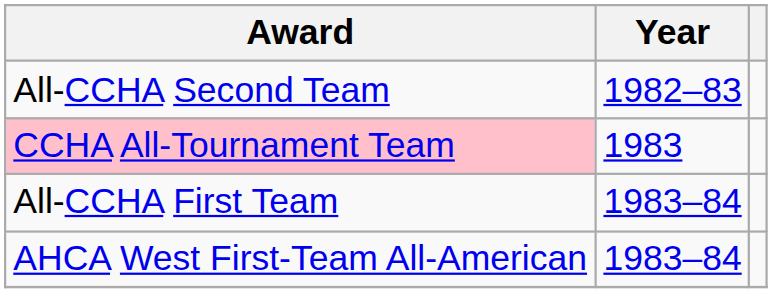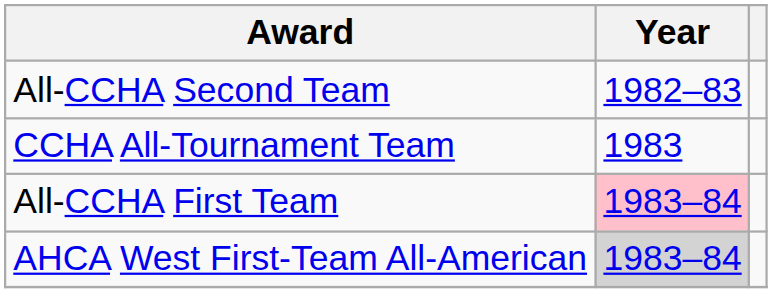 <table class="wikitable">
 <tr>
 <th>Award</th>
 <th>Year</th>
 <th></th>
 </tr>
 <tr>
 <td>All-<a href='#'>CCHA</a> <a href='#'>Second Team</a></td>
 <td><a href='#'>1982–83</a></td>
 <td></td>
 </tr>
 <tr>
-<td style="background: pink;"><a href='#'>CCHA</a> <a href='#'>All-Tournament Team</a></td>
+<td><a href='#'>CCHA</a> <a href='#'>All-Tournament Team</a></td>
 <td><a href='#'>1983</a></td>
 <td></td>
 </tr>
 <tr>
 <td>All-<a href='#'>CCHA</a> <a href='#'>First Team</a></td>
-<td><a href='#'>1983–84</a></td>
+<td style="background: pink;"><a href='#'>1983–84</a></td>
 <td></td>
 </tr>
 <tr>
 <td><a href='#'>AHCA</a> <a href='#'>West First-Team All-American</a></td>
-<td><a href='#'>1983–84</a></td>
+<td style="background: lightgrey;"><a href='#'>1983–84</a></td>
 <td></td>
 </tr>
 <tr>
 </tr>
 </table>
